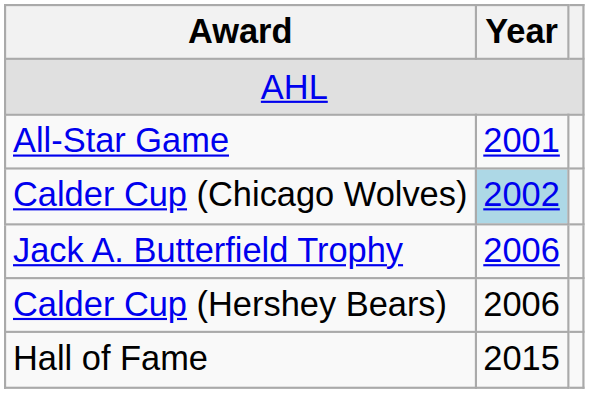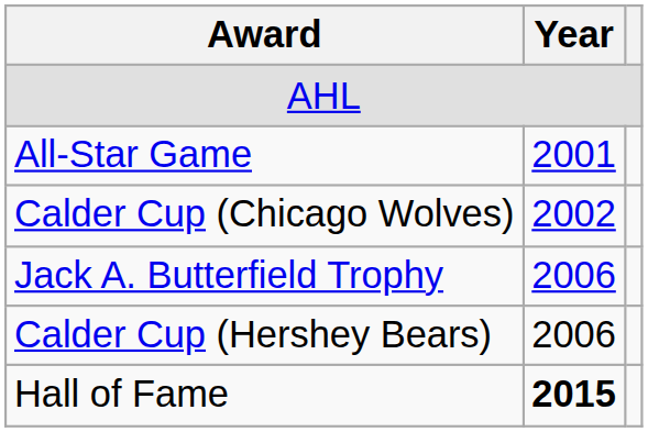 <table class="wikitable">
 <tr>
 <th>Award</th>
 <th>Year</th>
 <th></th>
 </tr>
 <tr ALIGN="center" bgcolor="#e0e0e0">
 <td colspan="3"><a href='#'>AHL</a></td>
 </tr>
 <tr>
 <td><a href='#'>All-Star Game</a></td>
 <td><a href='#'>2001</a></td>
 <td></td>
 </tr>
 <tr>
 <td><a href='#'>Calder Cup</a> (Chicago Wolves)</td>
-<td style="background: lightblue;"><a href='#'>2002</a></td>
+<td><a href='#'>2002</a></td>
 <td></td>
 </tr>
 <tr>
 <td><a href='#'>Jack A. Butterfield Trophy</a></td>
 <td><a href='#'>2006</a></td>
 <td></td>
 </tr>
 <tr>
 <td><a href='#'>Calder Cup</a> (Hershey Bears)</td>
 <td>2006</td>
 <td></td>
 </tr>
 <tr>
 <td>Hall of Fame</td>
-<td>2015</td>
+<td><strong>2015</strong></td>
 <td></td>
 </tr>
 </table>
